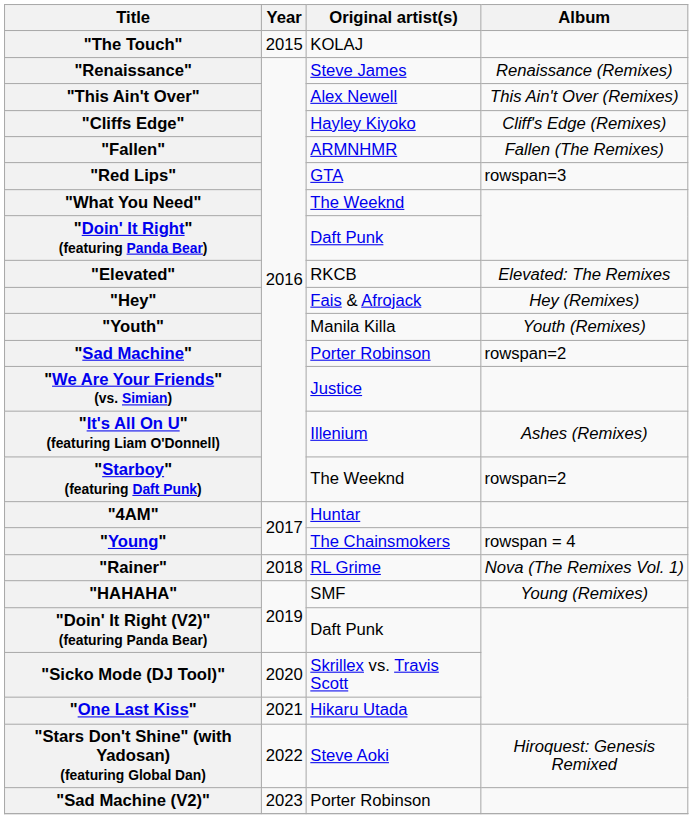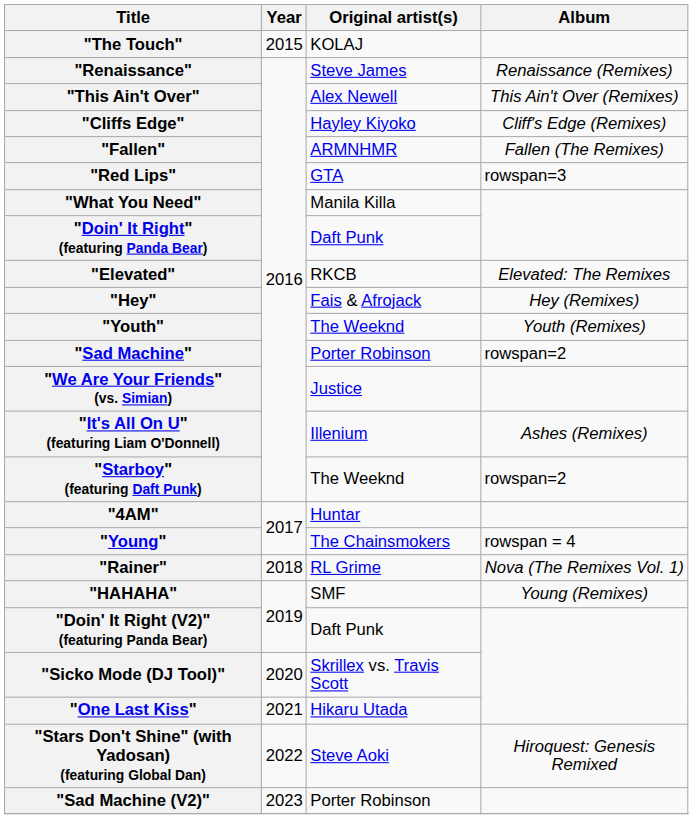 <table class="wikitable plainrowheaders">
 <tr>
 <th style="width:15em;">Title</th>
 <th>Year</th>
 <th style="width:10em;">Original artist(s)</th>
 <th style="width:12em;">Album</th>
 </tr>
 <tr>
 <th scope="row">"The Touch"</th>
 <td>2015</td>
 <td>KOLAJ</td>
 <td></td>
 </tr>
 <tr>
 <th scope="row">"Renaissance"</th>
 <td rowspan="14">2016</td>
 <td><a href='#'>Steve James</a></td>
 <td style="text-align:center"><em>Renaissance (Remixes)</em></td>
 </tr>
 <tr>
 <th scope="row">"This Ain't Over"</th>
 <td><a href='#'>Alex Newell</a></td>
 <td style="text-align:center"><em>This Ain't Over (Remixes)</em></td>
 </tr>
 <tr>
 <th scope="row">"Cliffs Edge"</th>
 <td><a href='#'>Hayley Kiyoko</a></td>
 <td style="text-align:center"><em>Cliff's Edge (Remixes)</em></td>
 </tr>
 <tr>
 <th scope="row">"Fallen"</th>
 <td><a href='#'>ARMNHMR</a></td>
 <td style="text-align:center"><em>Fallen (The Remixes)</em></td>
 </tr>
 <tr>
 <th scope="row">"Red Lips"</th>
 <td><a href='#'>GTA</a></td>
 <td>rowspan=3 </td>
 </tr>
 <tr>
 <th scope="row">"What You Need"</th>
-<td><a href='#'>The Weeknd</a></td>
+<td>Manila Killa</td>
 </tr>
 <tr>
 <th scope="row">"<a href='#'>Doin' It Right</a>"<br><small>(featuring <a href='#'>Panda Bear</a>)</small></th>
 <td><a href='#'>Daft Punk</a></td>
 </tr>
 <tr>
 <th scope="row">"Elevated"</th>
 <td>RKCB</td>
 <td style="text-align:center"><em>Elevated: The Remixes</em></td>
 </tr>
 <tr>
 <th scope="row">"Hey"</th>
 <td><a href='#'>Fais</a> & <a href='#'>Afrojack</a></td>
 <td style="text-align:center"><em>Hey (Remixes)</em></td>
 </tr>
 <tr>
 <th scope="row">"Youth"</th>
-<td>Manila Killa</td>
+<td><a href='#'>The Weeknd</a></td>
 <td style="text-align:center"><em>Youth (Remixes)</em></td>
 </tr>
 <tr>
 <th scope="row">"<a href='#'>Sad Machine</a>"</th>
 <td><a href='#'>Porter Robinson</a></td>
 <td>rowspan=2 </td>
 </tr>
 <tr>
 <th scope="row">"<a href='#'>We Are Your Friends</a>"<br><small>(vs. <a href='#'>Simian</a>)</small></th>
 <td><a href='#'>Justice</a></td>
 </tr>
 <tr>
 <th scope="row">"<a href='#'>It's All On U</a>"<br><small>(featuring Liam O'Donnell)</small></th>
 <td><a href='#'>Illenium</a></td>
 <td style="text-align:center"><em>Ashes (Remixes)</em></td>
 </tr>
 <tr>
 <th scope="row">"<a href='#'>Starboy</a>"<br><small>(featuring <a href='#'>Daft Punk</a>)</small></th>
 <td>The Weeknd</td>
 <td>rowspan=2 </td>
 </tr>
 <tr>
 <th scope="row">"4AM"</th>
 <td rowspan="2">2017</td>
 <td><a href='#'>Huntar</a></td>
 </tr>
 <tr>
 <th scope="row">"<a href='#'>Young</a>"</th>
 <td><a href='#'>The Chainsmokers</a></td>
 <td>rowspan = 4 </td>
 </tr>
 <tr>
 <th scope="row">"Rainer"</th>
 <td>2018</td>
 <td><a href='#'>RL Grime</a></td>
 <td style="text-align:center"><em>Nova (The Remixes Vol. 1)</em></td>
 </tr>
 <tr>
 <th scope="row">"HAHAHA"</th>
 <td rowspan="2">2019</td>
 <td>SMF</td>
 <td style="text-align:center"><em>Young (Remixes)</em></td>
 </tr>
 <tr>
 <th scope="row">"Doin' It Right (V2)"<br><small>(featuring Panda Bear)</small></th>
 <td>Daft Punk</td>
 </tr>
 <tr>
 <th scope="row">"Sicko Mode (DJ Tool)"</th>
 <td>2020</td>
 <td><a href='#'>Skrillex</a> vs. <a href='#'>Travis Scott</a></td>
 </tr>
 <tr>
 <th scope="row">"<a href='#'>One Last Kiss</a>"</th>
 <td>2021</td>
 <td><a href='#'>Hikaru Utada</a></td>
 </tr>
 <tr>
 <th scope="row">"Stars Don't Shine" (with Yadosan)<br><small>(featuring Global Dan)</small></th>
 <td>2022</td>
 <td><a href='#'>Steve Aoki</a></td>
 <td style="text-align:center"><em>Hiroquest: Genesis Remixed</em></td>
 </tr>
 <tr>
 <th scope="row">"Sad Machine (V2)"</th>
 <td>2023</td>
 <td>Porter Robinson</td>
 <td></td>
 </tr>
 <tr>
 </tr>
 </table>
